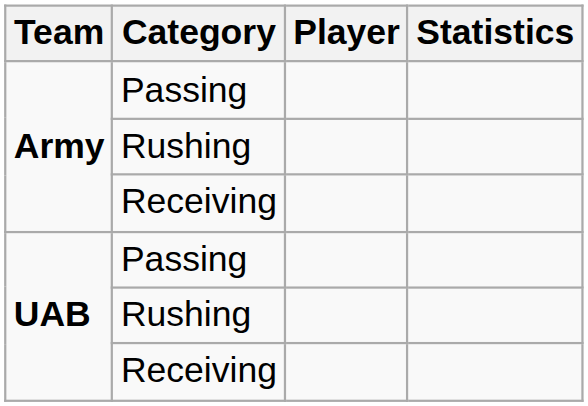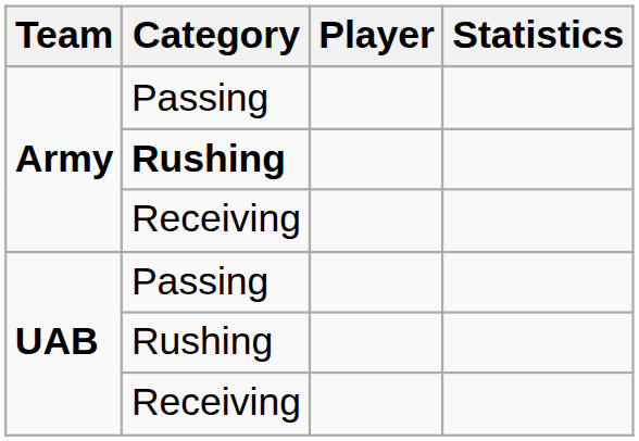 <table class="wikitable" style="float: right;">
 <tr>
 <th>Team</th>
 <th>Category</th>
 <th>Player</th>
 <th>Statistics</th>
 </tr>
 <tr>
 <td rowspan=3><strong>Army</strong></td>
 <td>Passing</td>
 <td></td>
 <td></td>
 </tr>
 <tr>
-<td>Rushing</td>
+<td><strong>Rushing</strong></td>
 <td></td>
 <td></td>
 </tr>
 <tr>
 <td>Receiving</td>
 <td></td>
 <td></td>
 </tr>
 <tr>
 <td rowspan=3><strong>UAB</strong></td>
 <td>Passing</td>
 <td></td>
 <td></td>
 </tr>
 <tr>
 <td>Rushing</td>
 <td></td>
 <td></td>
 </tr>
 <tr>
 <td>Receiving</td>
 <td></td>
 <td></td>
 </tr>
 </table>
